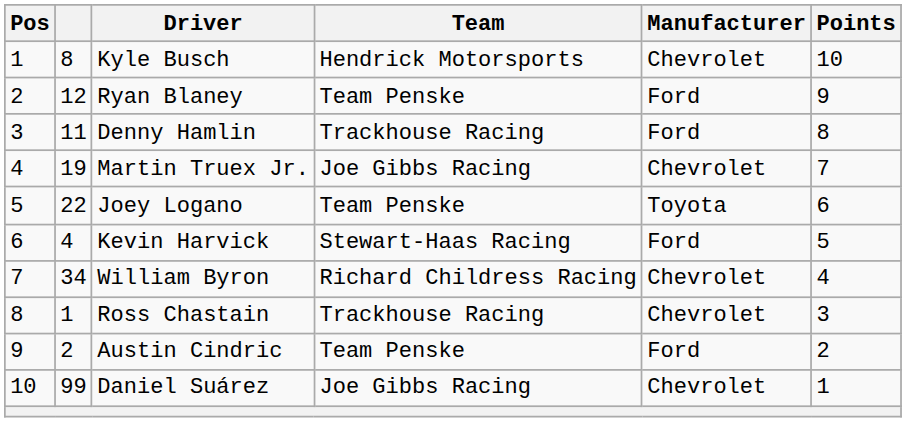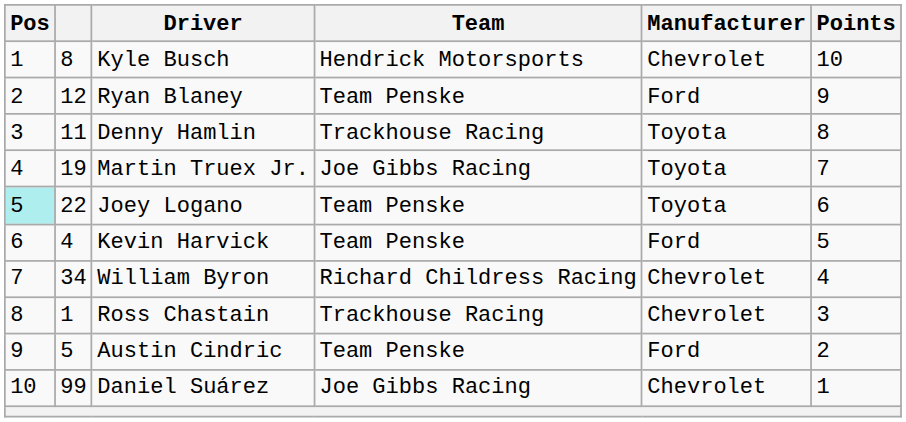 <table class="wikitable" style="font-size:98%">
 <tr>
 <th>Pos</th>
 <th></th>
 <th>Driver</th>
 <th>Team</th>
 <th>Manufacturer</th>
 <th>Points</th>
 </tr>
 <tr>
 <td>1</td>
 <td>8</td>
 <td>Kyle Busch</td>
 <td>Hendrick Motorsports</td>
 <td>Chevrolet</td>
 <td>10</td>
 </tr>
 <tr>
 <td>2</td>
 <td>12</td>
 <td>Ryan Blaney</td>
 <td>Team Penske</td>
 <td>Ford</td>
 <td>9</td>
 </tr>
 <tr>
 <td>3</td>
 <td>11</td>
 <td>Denny Hamlin</td>
 <td>Trackhouse Racing</td>
-<td>Ford</td>
+<td>Toyota</td>
 <td>8</td>
 </tr>
 <tr>
 <td>4</td>
 <td>19</td>
 <td>Martin Truex Jr.</td>
 <td>Joe Gibbs Racing</td>
-<td>Chevrolet</td>
+<td>Toyota</td>
 <td>7</td>
 </tr>
 <tr>
-<td>5</td>
+<td style="background: paleturquoise;">5</td>
 <td>22</td>
 <td>Joey Logano</td>
 <td>Team Penske</td>
 <td>Toyota</td>
 <td>6</td>
 </tr>
 <tr>
 <td>6</td>
 <td>4</td>
 <td>Kevin Harvick</td>
-<td>Stewart-Haas Racing</td>
+<td>Team Penske</td>
 <td>Ford</td>
 <td>5</td>
 </tr>
 <tr>
 <td>7</td>
 <td>34</td>
 <td>William Byron</td>
 <td>Richard Childress Racing</td>
 <td>Chevrolet</td>
 <td>4</td>
 </tr>
 <tr>
 <td>8</td>
 <td>1</td>
 <td>Ross Chastain</td>
 <td>Trackhouse Racing</td>
 <td>Chevrolet</td>
 <td>3</td>
 </tr>
 <tr>
 <td>9</td>
-<td>2</td>
+<td>5</td>
 <td>Austin Cindric</td>
 <td>Team Penske</td>
 <td>Ford</td>
 <td>2</td>
 </tr>
 <tr>
 <td>10</td>
 <td>99</td>
 <td>Daniel Suárez</td>
 <td>Joe Gibbs Racing</td>
 <td>Chevrolet</td>
 <td>1</td>
 </tr>
 <tr>
 <th colspan="6"></th>
 </tr>
 </table>
